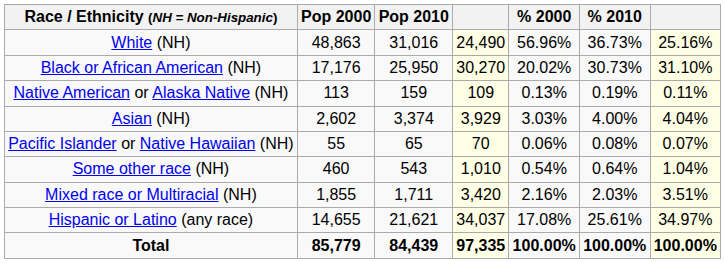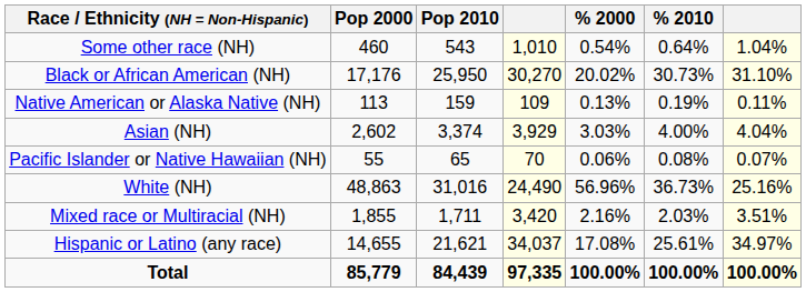 <table class="wikitable" style="text-align:center;">
 <tr>
 <th>Race / Ethnicity <small>(<em>NH = Non-Hispanic</em>)</small></th>
 <th>Pop 2000</th>
 <th>Pop 2010</th>
 <th></th>
 <th>% 2000</th>
 <th>% 2010</th>
 <th></th>
 </tr>
 <tr>
-<td><a href='#'>White</a> (NH)</td>
-<td>48,863</td>
-<td>31,016</td>
-<td style='background: #ffffe6;'>24,490</td>
-<td>56.96%</td>
-<td>36.73%</td>
-<td style='background: #ffffe6;'>25.16%</td>
+<td><a href='#'>Some other race</a> (NH)</td>
+<td>460</td>
+<td>543</td>
+<td style='background: #ffffe6;'>1,010</td>
+<td>0.54%</td>
+<td>0.64%</td>
+<td style='background: #ffffe6;'>1.04%</td>
 </tr>
 <tr>
 <td><a href='#'>Black or African American</a> (NH)</td>
 <td>17,176</td>
 <td>25,950</td>
 <td style='background: #ffffe6;'>30,270</td>
 <td>20.02%</td>
 <td>30.73%</td>
 <td style='background: #ffffe6;'>31.10%</td>
 </tr>
 <tr>
 <td><a href='#'>Native American</a> or <a href='#'>Alaska Native</a> (NH)</td>
 <td>113</td>
 <td>159</td>
 <td style='background: #ffffe6;'>109</td>
 <td>0.13%</td>
 <td>0.19%</td>
 <td style='background: #ffffe6;'>0.11%</td>
 </tr>
 <tr>
 <td><a href='#'>Asian</a> (NH)</td>
 <td>2,602</td>
 <td>3,374</td>
 <td style='background: #ffffe6;'>3,929</td>
 <td>3.03%</td>
 <td>4.00%</td>
 <td style='background: #ffffe6;'>4.04%</td>
 </tr>
 <tr>
 <td><a href='#'>Pacific Islander</a> or <a href='#'>Native Hawaiian</a> (NH)</td>
 <td>55</td>
 <td>65</td>
 <td style='background: #ffffe6;'>70</td>
 <td>0.06%</td>
 <td>0.08%</td>
 <td style='background: #ffffe6;'>0.07%</td>
 </tr>
 <tr>
-<td><a href='#'>Some other race</a> (NH)</td>
-<td>460</td>
-<td>543</td>
-<td style='background: #ffffe6;'>1,010</td>
-<td>0.54%</td>
-<td>0.64%</td>
-<td style='background: #ffffe6;'>1.04%</td>
+<td><a href='#'>White</a> (NH)</td>
+<td>48,863</td>
+<td>31,016</td>
+<td style='background: #ffffe6;'>24,490</td>
+<td>56.96%</td>
+<td>36.73%</td>
+<td style='background: #ffffe6;'>25.16%</td>
 </tr>
 <tr>
 <td><a href='#'>Mixed race or Multiracial</a> (NH)</td>
 <td>1,855</td>
 <td>1,711</td>
 <td style='background: #ffffe6;'>3,420</td>
 <td>2.16%</td>
 <td>2.03%</td>
 <td style='background: #ffffe6;'>3.51%</td>
 </tr>
 <tr>
 <td><a href='#'>Hispanic or Latino</a> (any race)</td>
 <td>14,655</td>
 <td>21,621</td>
 <td style='background: #ffffe6;'>34,037</td>
 <td>17.08%</td>
 <td>25.61%</td>
 <td style='background: #ffffe6;'>34.97%</td>
 </tr>
 <tr>
 <td><strong>Total</strong></td>
 <td><strong>85,779</strong></td>
 <td><strong>84,439</strong></td>
 <td style='background: #ffffe6;'><strong>97,335</strong></td>
 <td><strong>100.00%</strong></td>
 <td><strong>100.00%</strong></td>
 <td style='background: #ffffe6;'><strong>100.00%</strong></td>
 </tr>
 <tr>
 </tr>
 </table>
